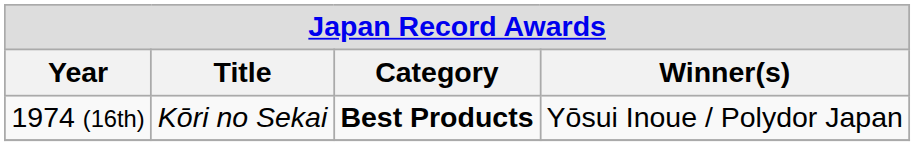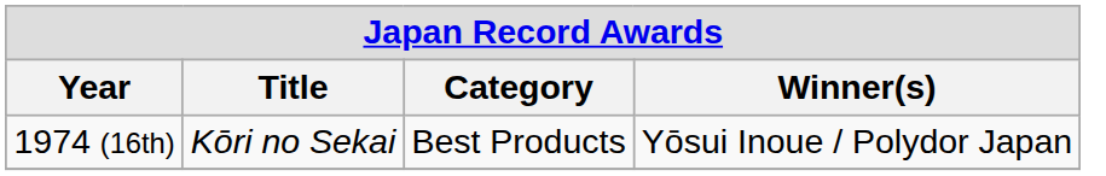 <table class="wikitable" border="1">
 <tr>
 <td colspan=4 bgcolor="#DDDDDD" align=center><strong><a href='#'>Japan Record Awards</a></strong></td>
 </tr>
 <tr>
 <th align="center">Year</th>
 <th align="center">Title</th>
 <th align="center">Category</th>
 <th align="center">Winner(s)</th>
 </tr>
 <tr>
 <td !align="center">1974 <small>(16th)</small></td>
 <td align="left"><em>Kōri no Sekai</em></td>
-<td align="left"><strong>Best Products</strong></td>
+<td align="left">Best Products</td>
 <td align="left">Yōsui Inoue / Polydor Japan</td>
 </tr>
 <tr>
 </tr>
 </table>
